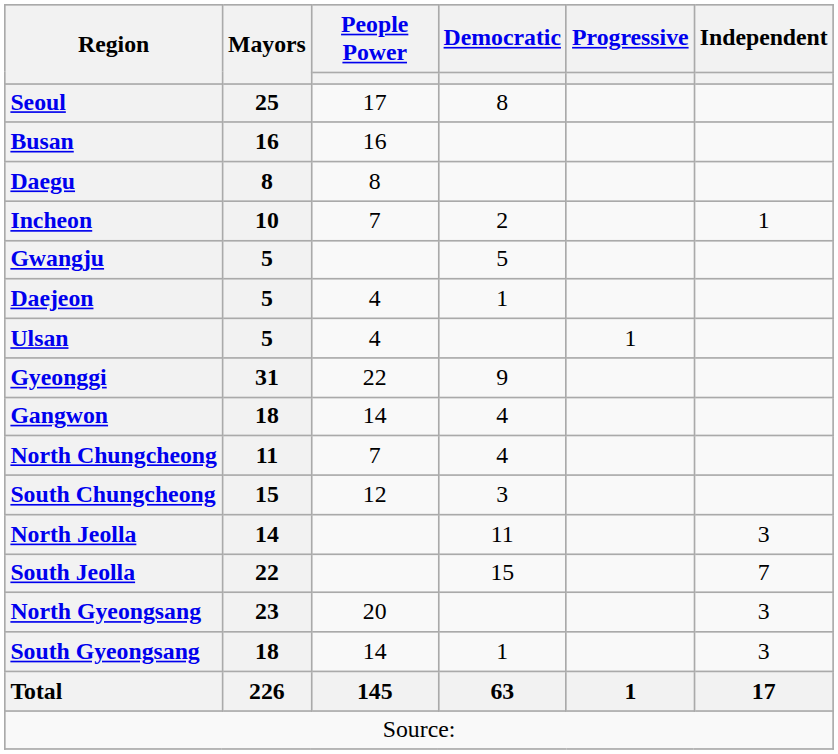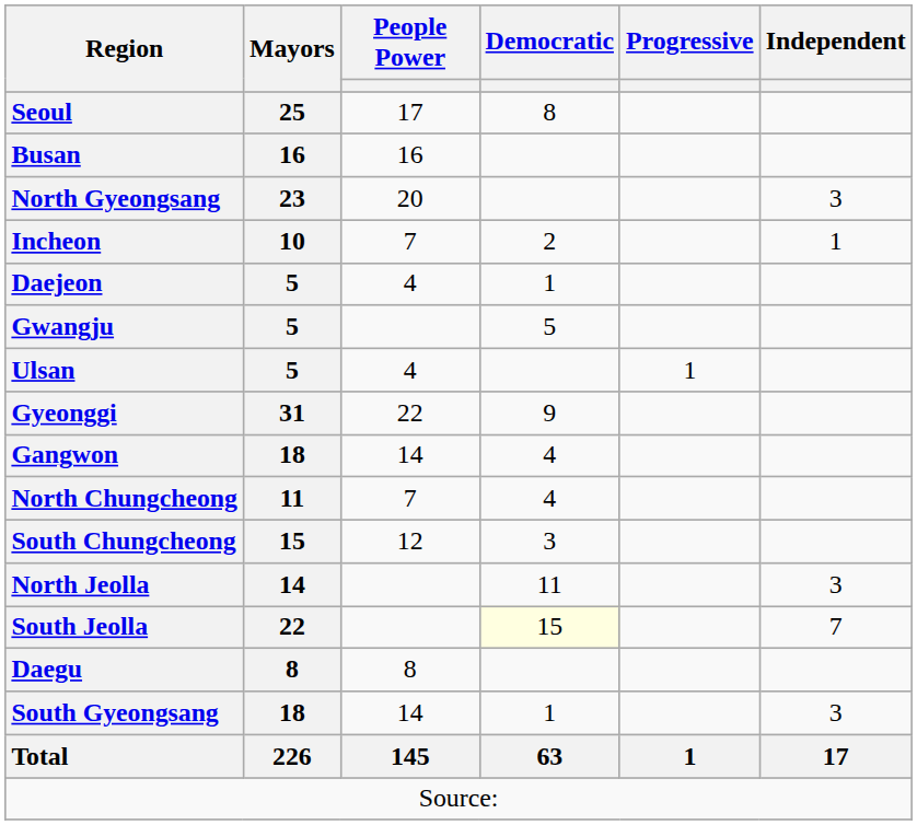 <table class="wikitable" style="text-align:center; font-size: 0.9em;">
 <tr>
 <th rowspan="2">Region</th>
 <th rowspan="2">Mayors</th>
 <th class="unsortable" style="width:70px;"><a href='#'>People Power</a></th>
 <th class="unsortable" style="width:70px;"><a href='#'>Democratic</a></th>
 <th class="unsortable" style="width:70px;"><a href='#'>Progressive</a></th>
 <th class="unsortable" style="width:70px;">Independent</th>
 </tr>
 <tr>
 <th style="background:"></th>
 <th style="background:"></th>
 <th style="background:"></th>
 <th style="background:"></th>
 </tr>
 <tr>
 <th style="text-align: left;"><a href='#'>Seoul</a></th>
 <th>25</th>
 <td>17</td>
 <td>8</td>
 <td></td>
 <td></td>
 </tr>
 <tr>
 <th style="text-align: left;"><a href='#'>Busan</a></th>
 <th>16</th>
 <td>16</td>
 <td></td>
 <td></td>
 <td></td>
 </tr>
 <tr>
-<th style="text-align: left;"><a href='#'>Daegu</a></th>
-<th>8</th>
-<td>8</td>
+<th style="text-align: left;"><a href='#'>North Gyeongsang</a></th>
+<th>23</th>
+<td>20</td>
 <td></td>
 <td></td>
-<td></td>
+<td>3</td>
 </tr>
 <tr>
 <th style="text-align: left;"><a href='#'>Incheon</a></th>
 <th>10</th>
 <td>7</td>
 <td>2</td>
 <td></td>
 <td>1</td>
 </tr>
 <tr>
+<th style="text-align: left;"><a href='#'>Daejeon</a></th>
+<th>5</th>
+<td>4</td>
+<td>1</td>
+<td></td>
+<td></td>
+</tr>
+<tr>
 <th style="text-align: left;"><a href='#'>Gwangju</a></th>
 <th>5</th>
 <td></td>
 <td>5</td>
-<td></td>
-<td></td>
-</tr>
-<tr>
-<th style="text-align: left;"><a href='#'>Daejeon</a></th>
-<th>5</th>
-<td>4</td>
-<td>1</td>
 <td></td>
 <td></td>
 </tr>
 <tr>
 <th style="text-align: left;"><a href='#'>Ulsan</a></th>
 <th>5</th>
 <td>4</td>
 <td></td>
 <td>1</td>
 <td></td>
 </tr>
 <tr>
 <th style="text-align: left;"><a href='#'>Gyeonggi</a></th>
 <th>31</th>
 <td>22</td>
 <td>9</td>
 <td></td>
 <td></td>
 </tr>
 <tr>
 <th style="text-align: left;"><a href='#'>Gangwon</a></th>
 <th>18</th>
 <td>14</td>
 <td>4</td>
 <td></td>
 <td></td>
 </tr>
 <tr>
 <th style="text-align: left;"><a href='#'>North Chungcheong</a></th>
 <th>11</th>
 <td>7</td>
 <td>4</td>
 <td></td>
 <td></td>
 </tr>
 <tr>
 <th style="text-align: left;"><a href='#'>South Chungcheong</a></th>
 <th>15</th>
 <td>12</td>
 <td>3</td>
 <td></td>
 <td></td>
 </tr>
 <tr>
 <th style="text-align: left;"><a href='#'>North Jeolla</a></th>
 <th>14</th>
 <td></td>
 <td>11</td>
 <td></td>
 <td>3</td>
 </tr>
 <tr>
 <th style="text-align: left;"><a href='#'>South Jeolla</a></th>
 <th>22</th>
 <td></td>
-<td>15</td>
+<td style="background: lightyellow;">15</td>
 <td></td>
 <td>7</td>
 </tr>
 <tr>
-<th style="text-align: left;"><a href='#'>North Gyeongsang</a></th>
-<th>23</th>
-<td>20</td>
+<th style="text-align: left;"><a href='#'>Daegu</a></th>
+<th>8</th>
+<td>8</td>
 <td></td>
 <td></td>
-<td>3</td>
+<td></td>
 </tr>
 <tr>
 <th style="text-align: left;"><a href='#'>South Gyeongsang</a></th>
 <th>18</th>
 <td>14</td>
 <td>1</td>
 <td></td>
 <td>3</td>
 </tr>
 <tr class="sortbottom">
 <th style="text-align: left;">Total</th>
 <th>226</th>
 <th>145</th>
 <th>63</th>
 <th>1</th>
 <th>17</th>
 </tr>
 <tr>
 <td colspan="6">Source: </td>
 </tr>
 </table>
